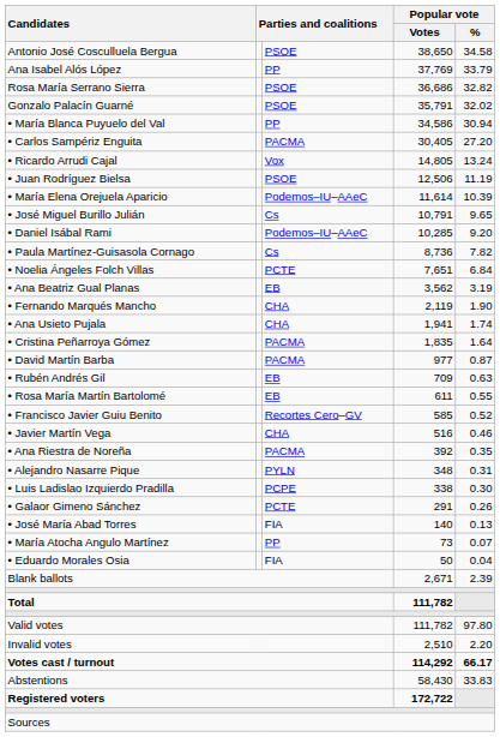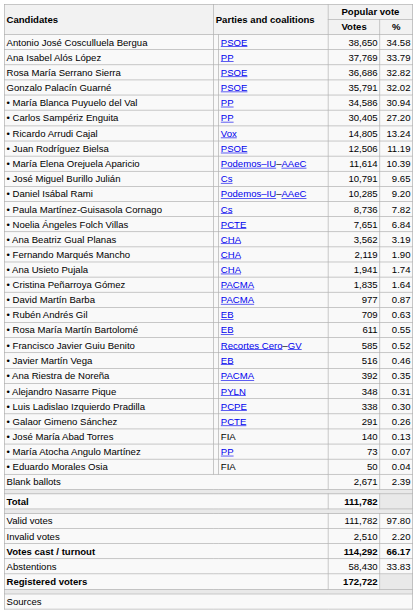 <table class="wikitable" style="text-align:right; font-size:95%;">
 <tr>
 <th style="text-align:left;" rowspan="2" width="325">Candidates</th>
 <th style="text-align:left;" rowspan="2" colspan="2" width="175">Parties and coalitions</th>
 <th colspan="2">Popular vote</th>
 </tr>
 <tr>
 <th width="75">Votes</th>
 <th width="45">%</th>
 </tr>
 <tr>
 <td align="left"> Antonio José Cosculluela Bergua</td>
 <td width="1" style="color:inherit;background:"></td>
 <td align="left"><a href='#'>PSOE</a></td>
 <td>38,650</td>
 <td>34.58</td>
 </tr>
 <tr>
 <td align="left"> Ana Isabel Alós López</td>
 <td style="color:inherit;background:"></td>
 <td align="left"><a href='#'>PP</a></td>
 <td>37,769</td>
 <td>33.79</td>
 </tr>
 <tr>
 <td align="left"> Rosa María Serrano Sierra</td>
 <td style="color:inherit;background:"></td>
 <td align="left"><a href='#'>PSOE</a></td>
 <td>36,686</td>
 <td>32.82</td>
 </tr>
 <tr>
 <td align="left"> Gonzalo Palacín Guarné</td>
 <td style="color:inherit;background:"></td>
 <td align="left"><a href='#'>PSOE</a></td>
 <td>35,791</td>
 <td>32.02</td>
 </tr>
 <tr>
 <td align="left">• María Blanca Puyuelo del Val</td>
 <td style="color:inherit;background:"></td>
 <td align="left"><a href='#'>PP</a></td>
 <td>34,586</td>
 <td>30.94</td>
 </tr>
 <tr>
 <td align="left">• Carlos Sampériz Enguita</td>
 <td style="color:inherit;background:"></td>
-<td align="left"><a href='#'>PACMA</a></td>
+<td align="left"><a href='#'>PP</a></td>
 <td>30,405</td>
 <td>27.20</td>
 </tr>
 <tr>
 <td align="left">• Ricardo Arrudi Cajal</td>
 <td style="color:inherit;background:"></td>
 <td align="left"><a href='#'>Vox</a></td>
 <td>14,805</td>
 <td>13.24</td>
 </tr>
 <tr>
 <td align="left">• Juan Rodríguez Bielsa</td>
 <td style="color:inherit;background:"></td>
 <td align="left"><a href='#'>PSOE</a></td>
 <td>12,506</td>
 <td>11.19</td>
 </tr>
 <tr>
 <td align="left">• María Elena Orejuela Aparicio</td>
 <td style="color:inherit;background:"></td>
 <td align="left"><a href='#'>Podemos–IU</a>–<a href='#'>AAeC</a></td>
 <td>11,614</td>
 <td>10.39</td>
 </tr>
 <tr>
 <td align="left">• José Miguel Burillo Julián</td>
 <td style="color:inherit;background:"></td>
 <td align="left"><a href='#'>Cs</a></td>
 <td>10,791</td>
 <td>9.65</td>
 </tr>
 <tr>
 <td align="left">• Daniel Isábal Rami</td>
 <td style="color:inherit;background:"></td>
 <td align="left"><a href='#'>Podemos–IU</a>–<a href='#'>AAeC</a></td>
 <td>10,285</td>
 <td>9.20</td>
 </tr>
 <tr>
 <td align="left">• Paula Martínez-Guisasola Cornago</td>
 <td style="color:inherit;background:"></td>
 <td align="left"><a href='#'>Cs</a></td>
 <td>8,736</td>
 <td>7.82</td>
 </tr>
 <tr>
 <td align="left">• Noelia Ángeles Folch Villas</td>
 <td style="color:inherit;background:"></td>
 <td align="left"><a href='#'>PCTE</a></td>
 <td>7,651</td>
 <td>6.84</td>
 </tr>
 <tr>
 <td align="left">• Ana Beatriz Gual Planas</td>
 <td style="color:inherit;background:"></td>
-<td align="left"><a href='#'>EB</a></td>
+<td align="left"><a href='#'>CHA</a></td>
 <td>3,562</td>
 <td>3.19</td>
 </tr>
 <tr>
 <td align="left">• Fernando Marqués Mancho</td>
 <td style="color:inherit;background:"></td>
 <td align="left"><a href='#'>CHA</a></td>
 <td>2,119</td>
 <td>1.90</td>
 </tr>
 <tr>
 <td align="left">• Ana Usieto Pujala</td>
 <td style="color:inherit;background:"></td>
 <td align="left"><a href='#'>CHA</a></td>
 <td>1,941</td>
 <td>1.74</td>
 </tr>
 <tr>
 <td align="left">• Cristina Peñarroya Gómez</td>
 <td style="color:inherit;background:"></td>
 <td align="left"><a href='#'>PACMA</a></td>
 <td>1,835</td>
 <td>1.64</td>
 </tr>
 <tr>
 <td align="left">• David Martín Barba</td>
 <td style="color:inherit;background:"></td>
 <td align="left"><a href='#'>PACMA</a></td>
 <td>977</td>
 <td>0.87</td>
 </tr>
 <tr>
 <td align="left">• Rubén Andrés Gil</td>
 <td style="color:inherit;background:"></td>
 <td align="left"><a href='#'>EB</a></td>
 <td>709</td>
 <td>0.63</td>
 </tr>
 <tr>
 <td align="left">• Rosa María Martín Bartolomé</td>
 <td style="color:inherit;background:"></td>
 <td align="left"><a href='#'>EB</a></td>
 <td>611</td>
 <td>0.55</td>
 </tr>
 <tr>
 <td align="left">• Francisco Javier Guiu Benito</td>
 <td style="color:inherit;background:"></td>
 <td align="left"><a href='#'>Recortes Cero</a>–<a href='#'>GV</a></td>
 <td>585</td>
 <td>0.52</td>
 </tr>
 <tr>
 <td align="left">• Javier Martín Vega</td>
 <td style="color:inherit;background:"></td>
-<td align="left"><a href='#'>CHA</a></td>
+<td align="left"><a href='#'>EB</a></td>
 <td>516</td>
 <td>0.46</td>
 </tr>
 <tr>
 <td align="left">• Ana Riestra de Noreña</td>
 <td style="color:inherit;background:"></td>
 <td align="left"><a href='#'>PACMA</a></td>
 <td>392</td>
 <td>0.35</td>
 </tr>
 <tr>
 <td align="left">• Alejandro Nasarre Pique</td>
 <td style="color:inherit;background:"></td>
 <td align="left"><a href='#'>PYLN</a></td>
 <td>348</td>
 <td>0.31</td>
 </tr>
 <tr>
 <td align="left">• Luis Ladislao Izquierdo Pradilla</td>
 <td style="color:inherit;background:"></td>
 <td align="left"><a href='#'>PCPE</a></td>
 <td>338</td>
 <td>0.30</td>
 </tr>
 <tr>
 <td align="left">• Galaor Gimeno Sánchez</td>
 <td style="color:inherit;background:"></td>
 <td align="left"><a href='#'>PCTE</a></td>
 <td>291</td>
 <td>0.26</td>
 </tr>
 <tr>
 <td align="left">• José María Abad Torres</td>
 <td style="color:inherit;background:"></td>
 <td align="left">FIA</td>
 <td>140</td>
 <td>0.13</td>
 </tr>
 <tr>
 <td align="left">• María Atocha Angulo Martínez</td>
 <td style="color:inherit;background:"></td>
 <td align="left"><a href='#'>PP</a></td>
 <td>73</td>
 <td>0.07</td>
 </tr>
 <tr>
 <td align="left">• Eduardo Morales Osia</td>
 <td style="color:inherit;background:"></td>
 <td align="left">FIA</td>
 <td>50</td>
 <td>0.04</td>
 </tr>
 <tr>
 <td align="left" colspan="3">Blank ballots</td>
 <td>2,671</td>
 <td>2.39</td>
 </tr>
 <tr>
 <td colspan="5" bgcolor="#E9E9E9"></td>
 </tr>
 <tr style="font-weight:bold;">
 <td align="left" colspan="3">Total</td>
 <td>111,782</td>
 <td bgcolor="#E9E9E9"></td>
 </tr>
 <tr>
 <td colspan="5" bgcolor="#E9E9E9"></td>
 </tr>
 <tr>
 <td align="left" colspan="3">Valid votes</td>
 <td>111,782</td>
 <td>97.80</td>
 </tr>
 <tr>
 <td align="left" colspan="3">Invalid votes</td>
 <td>2,510</td>
 <td>2.20</td>
 </tr>
 <tr style="font-weight:bold;">
 <td align="left" colspan="3">Votes cast / turnout</td>
 <td>114,292</td>
 <td>66.17</td>
 </tr>
 <tr>
 <td align="left" colspan="3">Abstentions</td>
 <td>58,430</td>
 <td>33.83</td>
 </tr>
 <tr style="font-weight:bold;">
 <td align="left" colspan="3">Registered voters</td>
 <td>172,722</td>
 <td bgcolor="#E9E9E9"></td>
 </tr>
 <tr>
 <td colspan="5" bgcolor="#E9E9E9"></td>
 </tr>
 <tr>
 <td align="left" colspan="5">Sources</td>
 </tr>
 </table>
